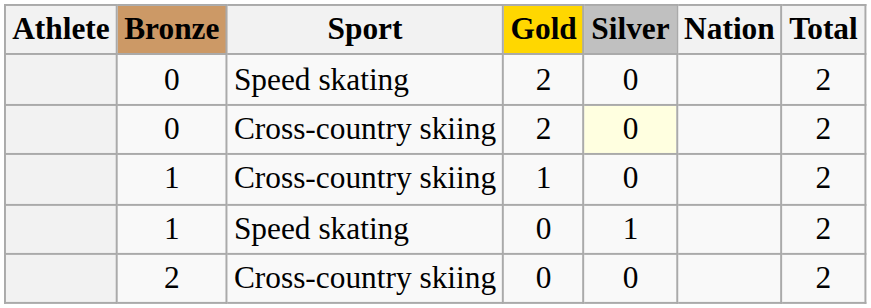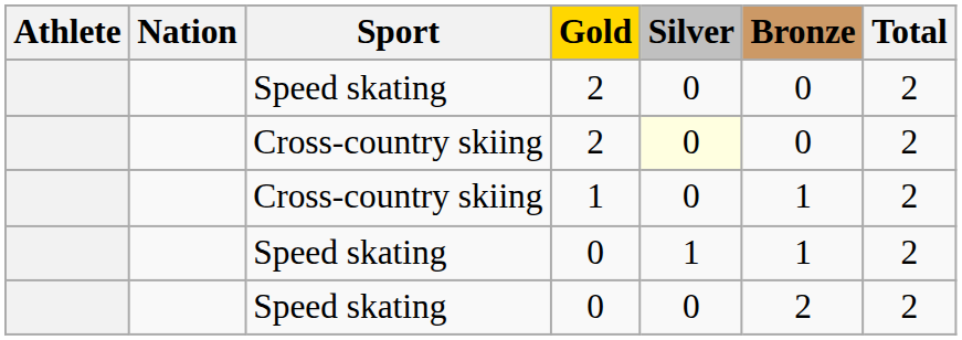 <table class="wikitable sortable plainrowheaders" style="text-align:center">
 <tr>
 <th scope="col">Athlete</th>
-<th scope="col" style="background-color: #cc9966"><strong>Bronze</strong></th>
+<th scope="col">Nation</th>
 <th scope="col">Sport</th>
 <th scope="col" style="background-color: gold"><strong>Gold</strong></th>
 <th scope="col" style="background-color: silver"><strong>Silver</strong></th>
-<th scope="col">Nation</th>
+<th scope="col" style="background-color: #cc9966"><strong>Bronze</strong></th>
 <th scope="col">Total</th>
 </tr>
 <tr>
 <th scope="row"></th>
-<td>0</td>
+<td align=left></td>
 <td align=left>Speed skating</td>
 <td>2</td>
 <td>0</td>
-<td align=left></td>
+<td>0</td>
 <td>2</td>
 </tr>
 <tr>
 <th scope="row"></th>
-<td>0</td>
+<td align=left></td>
 <td align=left>Cross-country skiing</td>
 <td>2</td>
 <td style="background: lightyellow;">0</td>
-<td align=left></td>
+<td>0</td>
 <td>2</td>
 </tr>
 <tr>
 <th scope="row"></th>
-<td>1</td>
+<td align=left></td>
 <td align=left>Cross-country skiing</td>
 <td>1</td>
 <td>0</td>
-<td align=left></td>
+<td>1</td>
 <td>2</td>
 </tr>
 <tr>
 <th scope="row"></th>
-<td>1</td>
+<td align=left></td>
 <td align=left>Speed skating</td>
 <td>0</td>
 <td>1</td>
-<td align=left></td>
+<td>1</td>
 <td>2</td>
 </tr>
 <tr>
 <th scope="row"></th>
-<td>2</td>
-<td align=left>Cross-country skiing</td>
+<td align=left></td>
+<td align=left>Speed skating</td>
 <td>0</td>
 <td>0</td>
-<td align=left></td>
+<td>2</td>
 <td>2</td>
 </tr>
 </table>
